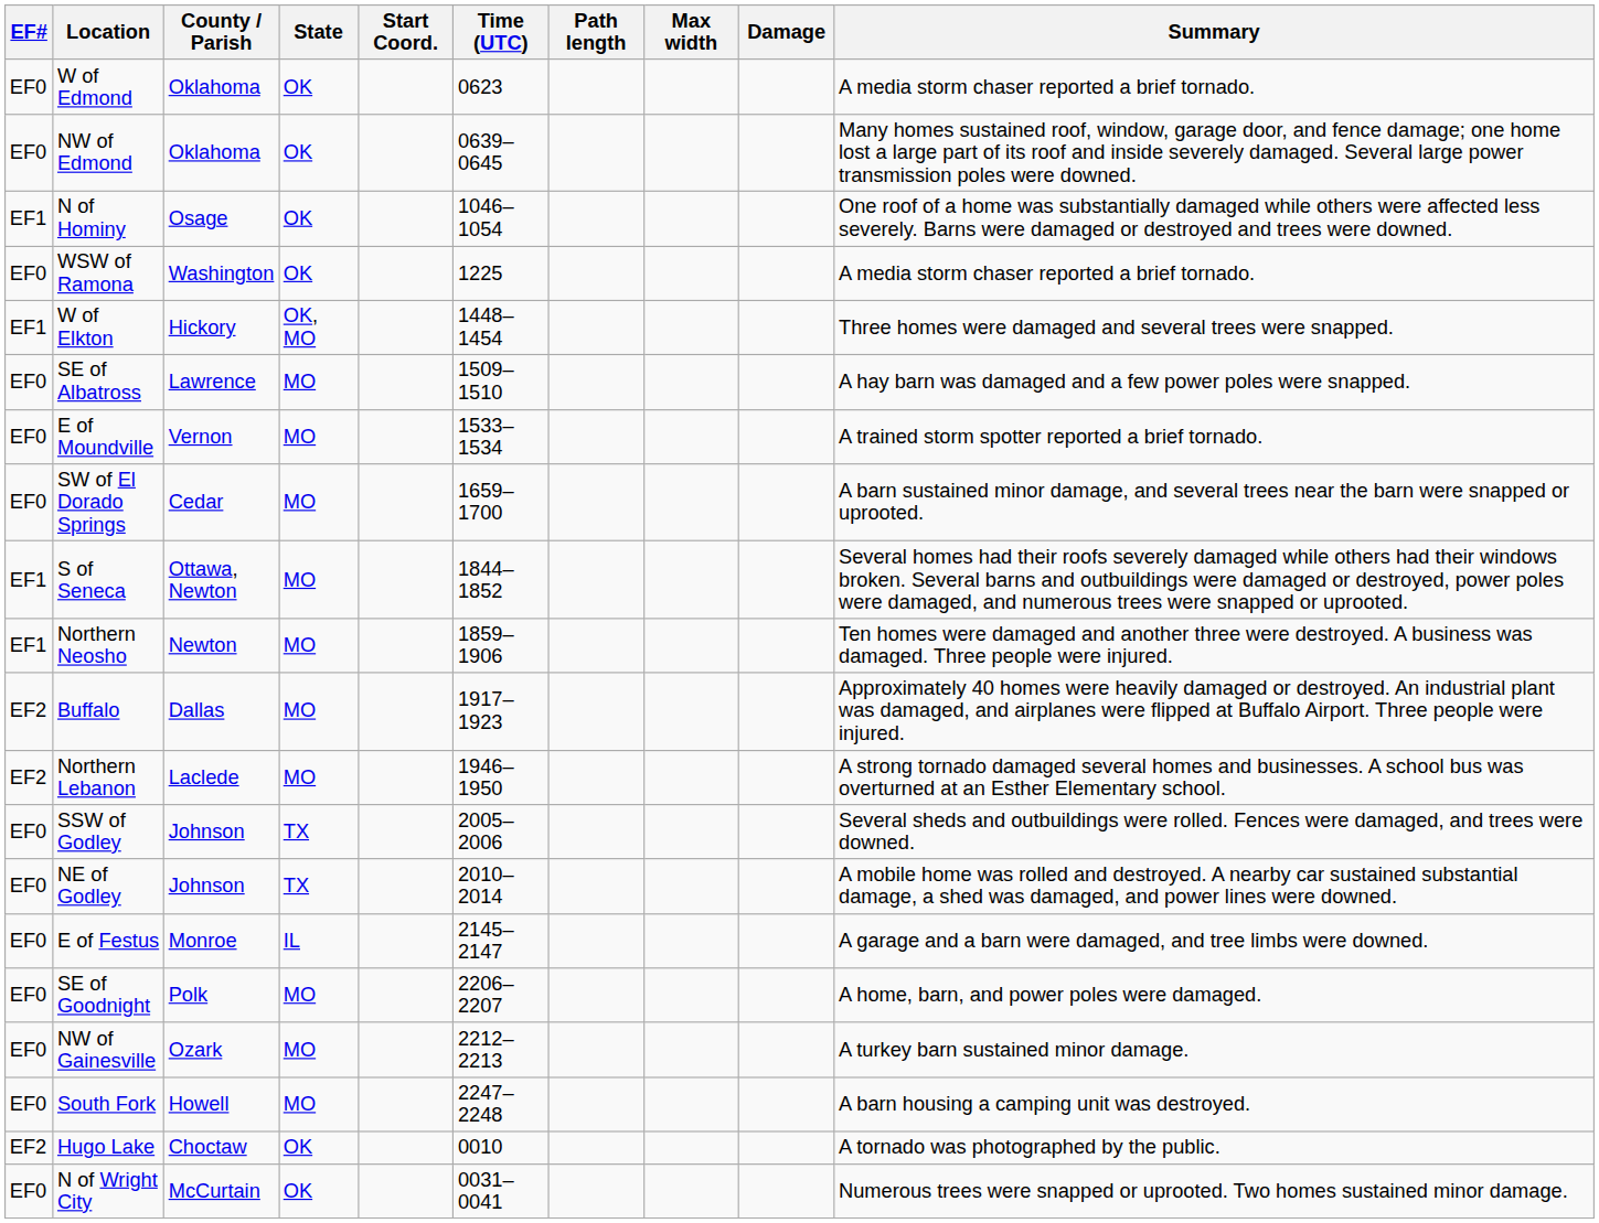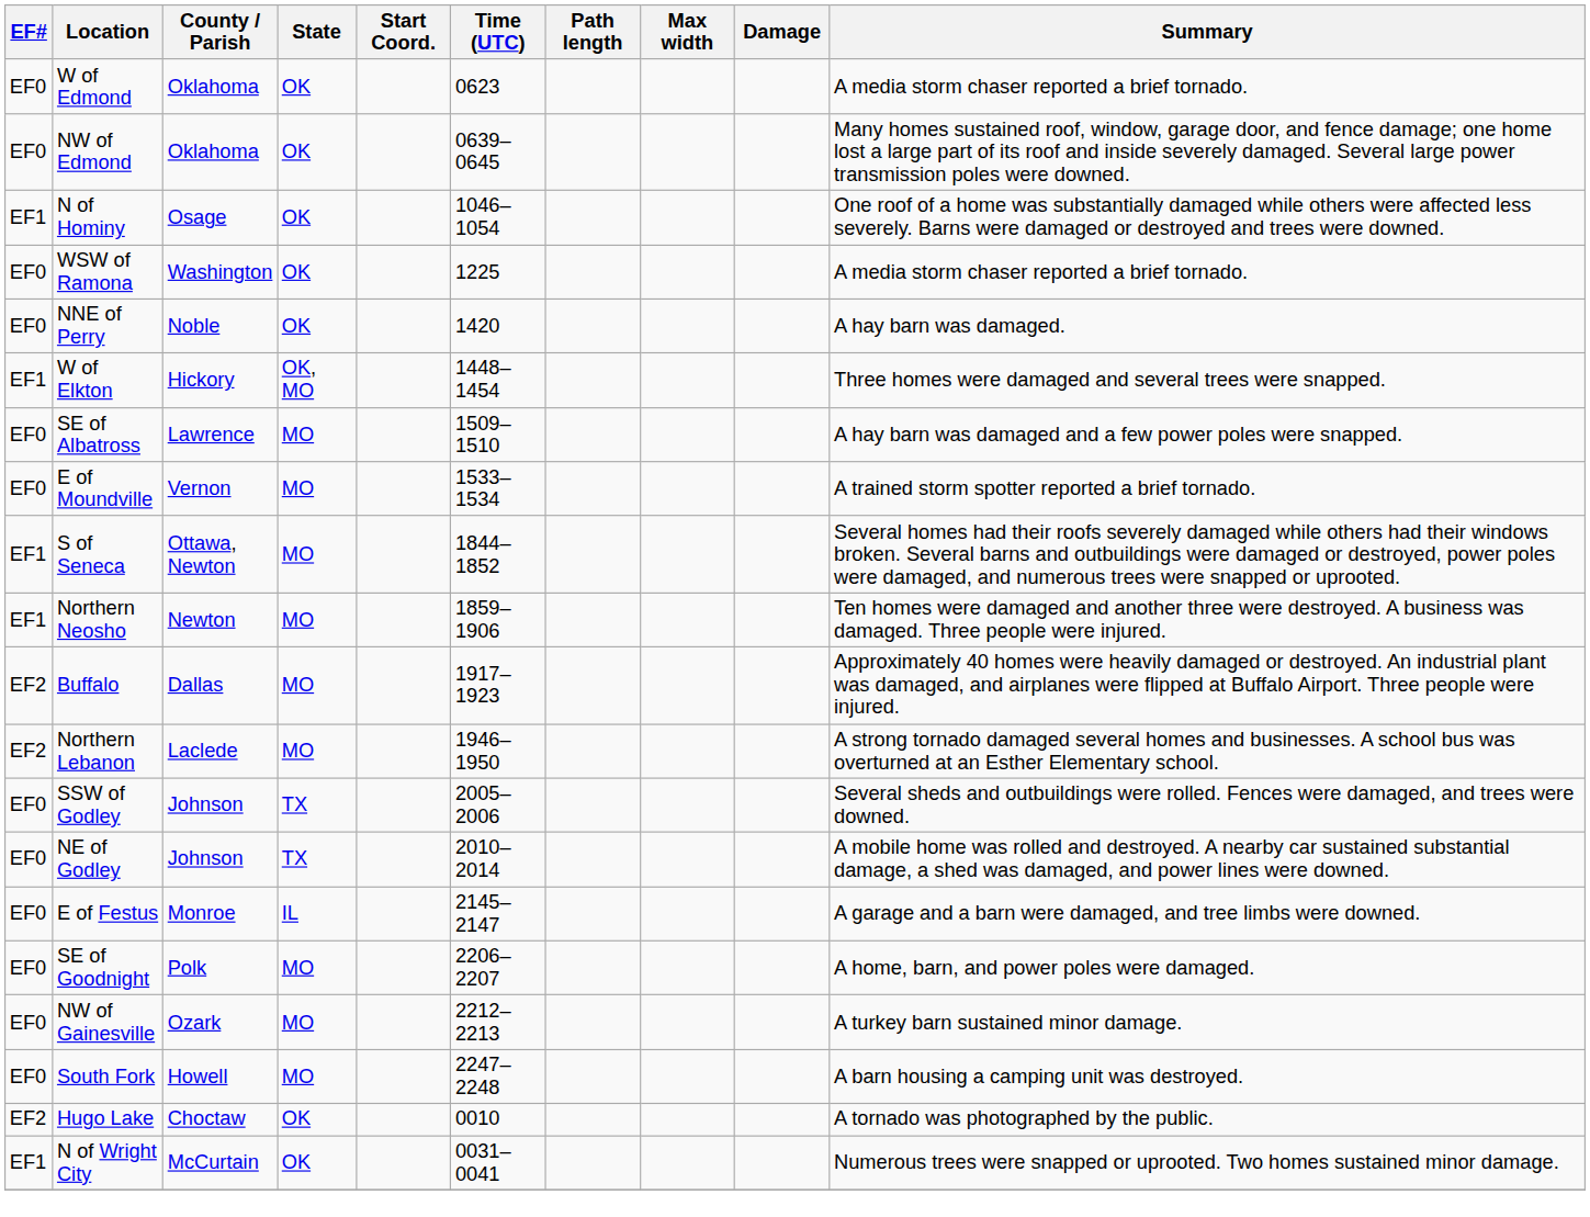 <table class="wikitable sortable" style="width:100%;">
 <tr>
 <th scope="col" width="3%" align="center"><a href='#'>EF#</a></th>
 <th scope="col" width="7%" align="center" class="unsortable">Location</th>
 <th scope="col" width="6%" align="center" class="unsortable">County / Parish</th>
 <th scope="col" width="5%" align="center">State</th>
 <th scope="col" width="6%" align="center">Start Coord.</th>
 <th scope="col" width="6%" align="center">Time (<a href='#'>UTC</a>)</th>
 <th scope="col" width="6%" align="center">Path length</th>
 <th scope="col" width="6%" align="center">Max width</th>
 <th scope="col" width="6%" align="center">Damage</th>
 <th scope="col" width="48%" class="unsortable" align="center">Summary</th>
 </tr>
 <tr>
 <td>EF0</td>
 <td>W of <a href='#'>Edmond</a></td>
 <td><a href='#'>Oklahoma</a></td>
 <td><a href='#'>OK</a></td>
 <td></td>
 <td>0623</td>
 <td></td>
 <td></td>
 <td></td>
 <td>A media storm chaser reported a brief tornado.</td>
 </tr>
 <tr>
 <td>EF0</td>
 <td>NW of <a href='#'>Edmond</a></td>
 <td><a href='#'>Oklahoma</a></td>
 <td><a href='#'>OK</a></td>
 <td></td>
 <td>0639–0645</td>
 <td></td>
 <td></td>
 <td></td>
 <td>Many homes sustained roof, window, garage door, and fence damage; one home lost a large part of its roof and inside severely damaged. Several large power transmission poles were downed.</td>
 </tr>
 <tr>
 <td>EF1</td>
 <td>N of <a href='#'>Hominy</a></td>
 <td><a href='#'>Osage</a></td>
 <td><a href='#'>OK</a></td>
 <td></td>
 <td>1046–1054</td>
 <td></td>
 <td></td>
 <td></td>
 <td>One roof of a home was substantially damaged while others were affected less severely. Barns were damaged or destroyed and trees were downed.</td>
 </tr>
 <tr>
 <td>EF0</td>
 <td>WSW of <a href='#'>Ramona</a></td>
 <td><a href='#'>Washington</a></td>
 <td><a href='#'>OK</a></td>
 <td></td>
 <td>1225</td>
 <td></td>
 <td></td>
 <td></td>
 <td>A media storm chaser reported a brief tornado.</td>
 </tr>
 <tr>
+<td>EF0</td>
+<td>NNE of <a href='#'>Perry</a></td>
+<td><a href='#'>Noble</a></td>
+<td><a href='#'>OK</a></td>
+<td></td>
+<td>1420</td>
+<td></td>
+<td></td>
+<td></td>
+<td>A hay barn was damaged.</td>
+</tr>
+<tr>
 <td>EF1</td>
 <td>W of <a href='#'>Elkton</a></td>
 <td><a href='#'>Hickory</a></td>
 <td><a href='#'>OK</a>, <a href='#'>MO</a></td>
 <td></td>
 <td>1448–1454</td>
 <td></td>
 <td></td>
 <td></td>
 <td>Three homes were damaged and several trees were snapped.</td>
 </tr>
 <tr>
 <td>EF0</td>
 <td>SE of <a href='#'>Albatross</a></td>
 <td><a href='#'>Lawrence</a></td>
 <td><a href='#'>MO</a></td>
 <td></td>
 <td>1509–1510</td>
 <td></td>
 <td></td>
 <td></td>
 <td>A hay barn was damaged and a few power poles were snapped.</td>
 </tr>
 <tr>
 <td>EF0</td>
 <td>E of <a href='#'>Moundville</a></td>
 <td><a href='#'>Vernon</a></td>
 <td><a href='#'>MO</a></td>
 <td></td>
 <td>1533–1534</td>
 <td></td>
 <td></td>
 <td></td>
 <td>A trained storm spotter reported a brief tornado.</td>
-</tr>
-<tr>
-<td>EF0</td>
-<td>SW of <a href='#'>El Dorado Springs</a></td>
-<td><a href='#'>Cedar</a></td>
-<td><a href='#'>MO</a></td>
-<td></td>
-<td>1659–1700</td>
-<td></td>
-<td></td>
-<td></td>
-<td>A barn sustained minor damage, and several trees near the barn were snapped or uprooted.</td>
 </tr>
 <tr>
 <td>EF1</td>
 <td>S of <a href='#'>Seneca</a></td>
 <td><a href='#'>Ottawa</a>, <a href='#'>Newton</a></td>
 <td><a href='#'>MO</a></td>
 <td></td>
 <td>1844–1852</td>
 <td></td>
 <td></td>
 <td></td>
 <td>Several homes had their roofs severely damaged while others had their windows broken. Several barns and outbuildings were damaged or destroyed, power poles were damaged, and numerous trees were snapped or uprooted.</td>
 </tr>
 <tr>
 <td>EF1</td>
 <td>Northern <a href='#'>Neosho</a></td>
 <td><a href='#'>Newton</a></td>
 <td><a href='#'>MO</a></td>
 <td></td>
 <td>1859–1906</td>
 <td></td>
 <td></td>
 <td></td>
 <td>Ten homes were damaged and another three were destroyed. A business was damaged. Three people were injured.</td>
 </tr>
 <tr>
 <td>EF2</td>
 <td><a href='#'>Buffalo</a></td>
 <td><a href='#'>Dallas</a></td>
 <td><a href='#'>MO</a></td>
 <td></td>
 <td>1917–1923</td>
 <td></td>
 <td></td>
 <td></td>
 <td>Approximately 40 homes were heavily damaged or destroyed. An industrial plant was damaged, and airplanes were flipped at Buffalo Airport. Three people were injured.</td>
 </tr>
 <tr>
 <td>EF2</td>
 <td>Northern <a href='#'>Lebanon</a></td>
 <td><a href='#'>Laclede</a></td>
 <td><a href='#'>MO</a></td>
 <td></td>
 <td>1946–1950</td>
 <td></td>
 <td></td>
 <td></td>
 <td>A strong tornado damaged several homes and businesses. A school bus was overturned at an Esther Elementary school.</td>
 </tr>
 <tr>
 <td>EF0</td>
 <td>SSW of <a href='#'>Godley</a></td>
 <td><a href='#'>Johnson</a></td>
 <td><a href='#'>TX</a></td>
 <td></td>
 <td>2005–2006</td>
 <td></td>
 <td></td>
 <td></td>
 <td>Several sheds and outbuildings were rolled. Fences were damaged, and trees were downed.</td>
 </tr>
 <tr>
 <td>EF0</td>
 <td>NE of <a href='#'>Godley</a></td>
 <td><a href='#'>Johnson</a></td>
 <td><a href='#'>TX</a></td>
 <td></td>
 <td>2010–2014</td>
 <td></td>
 <td></td>
 <td></td>
 <td>A mobile home was rolled and destroyed. A nearby car sustained substantial damage, a shed was damaged, and power lines were downed.</td>
 </tr>
 <tr>
 <td>EF0</td>
 <td>E of <a href='#'>Festus</a></td>
 <td><a href='#'>Monroe</a></td>
 <td><a href='#'>IL</a></td>
 <td></td>
 <td>2145–2147</td>
 <td></td>
 <td></td>
 <td></td>
 <td>A garage and a barn were damaged, and tree limbs were downed.</td>
 </tr>
 <tr>
 <td>EF0</td>
 <td>SE of <a href='#'>Goodnight</a></td>
 <td><a href='#'>Polk</a></td>
 <td><a href='#'>MO</a></td>
 <td></td>
 <td>2206–2207</td>
 <td></td>
 <td></td>
 <td></td>
 <td>A home, barn, and power poles were damaged.</td>
 </tr>
 <tr>
 <td>EF0</td>
 <td>NW of <a href='#'>Gainesville</a></td>
 <td><a href='#'>Ozark</a></td>
 <td><a href='#'>MO</a></td>
 <td></td>
 <td>2212–2213</td>
 <td></td>
 <td></td>
 <td></td>
 <td>A turkey barn sustained minor damage.</td>
 </tr>
 <tr>
 <td>EF0</td>
 <td><a href='#'>South Fork</a></td>
 <td><a href='#'>Howell</a></td>
 <td><a href='#'>MO</a></td>
 <td></td>
 <td>2247–2248</td>
 <td></td>
 <td></td>
 <td></td>
 <td>A barn housing a camping unit was destroyed.</td>
 </tr>
 <tr>
 <td>EF2</td>
 <td><a href='#'>Hugo Lake</a></td>
 <td><a href='#'>Choctaw</a></td>
 <td><a href='#'>OK</a></td>
 <td></td>
 <td>0010</td>
 <td></td>
 <td></td>
 <td></td>
 <td>A tornado was photographed by the public.</td>
 </tr>
 <tr>
-<td>EF0</td>
+<td>EF1</td>
 <td>N of <a href='#'>Wright City</a></td>
 <td><a href='#'>McCurtain</a></td>
 <td><a href='#'>OK</a></td>
 <td></td>
 <td>0031–0041</td>
 <td></td>
 <td></td>
 <td></td>
 <td>Numerous trees were snapped or uprooted. Two homes sustained minor damage.</td>
 </tr>
 <tr>
 </tr>
 </table>
